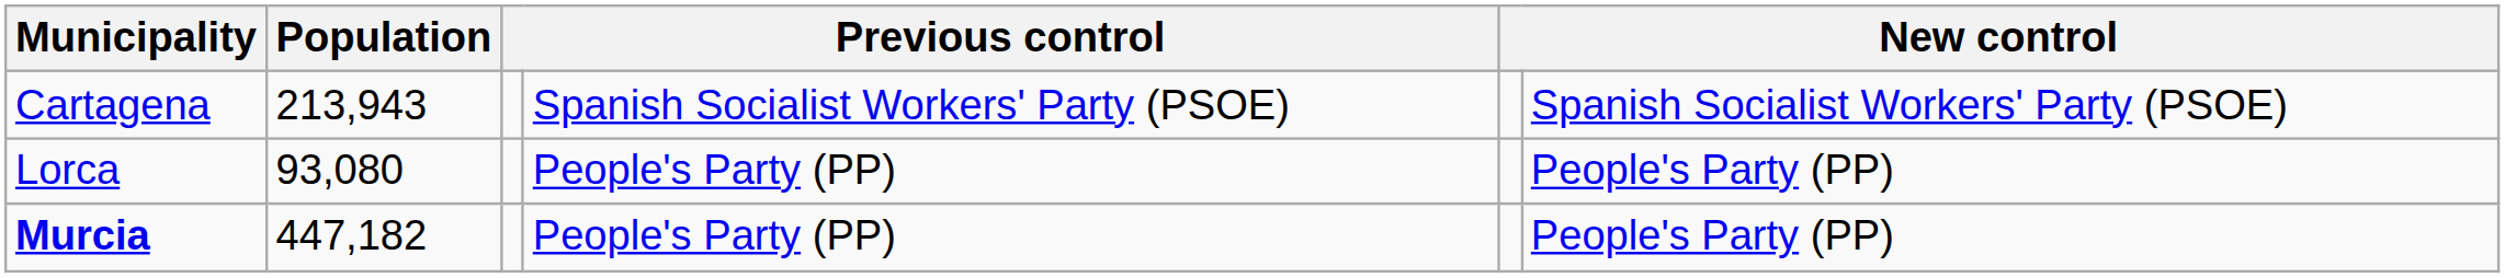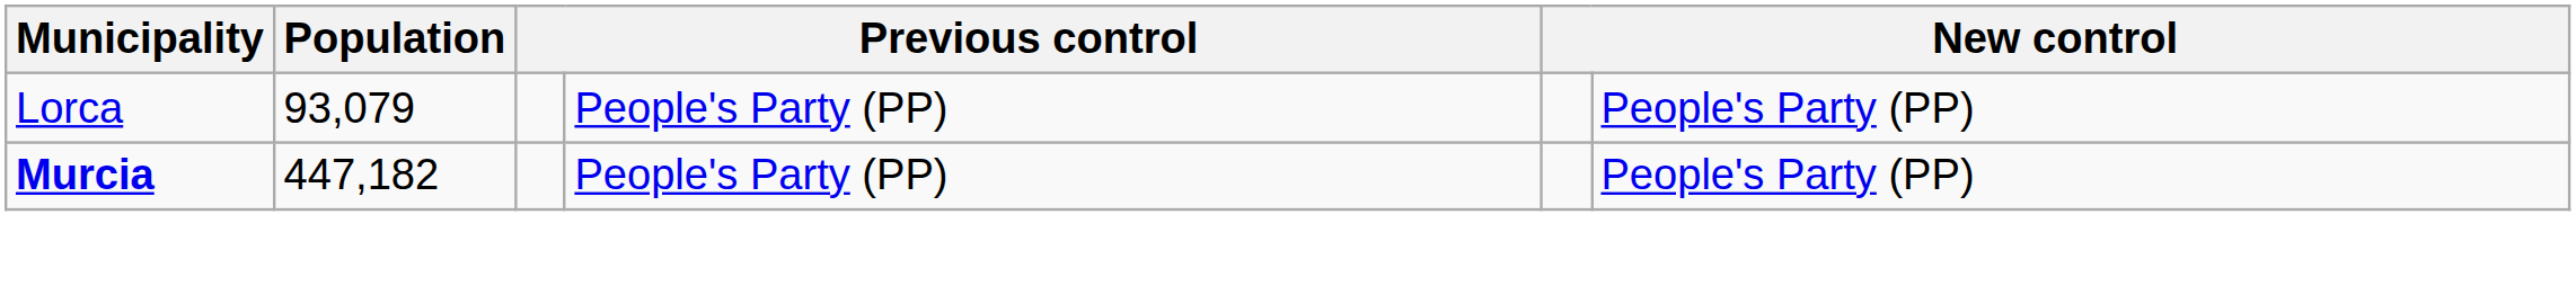 <table class="wikitable sortable">
 <tr>
 <th>Municipality</th>
 <th>Population</th>
 <th colspan="2" style="width:375px;">Previous control</th>
 <th colspan="2" style="width:375px;">New control</th>
 </tr>
 <tr>
-<td><a href='#'>Cartagena</a></td>
-<td>213,943</td>
-<td width="1" style="color:inherit;background:"></td>
-<td><a href='#'>Spanish Socialist Workers' Party</a> (PSOE)</td>
-<td width="1" style="color:inherit;background:"></td>
-<td><a href='#'>Spanish Socialist Workers' Party</a> (PSOE) </td>
-</tr>
-<tr>
 <td><a href='#'>Lorca</a></td>
-<td>93,080</td>
+<td>93,079</td>
 <td style="color:inherit;background:"></td>
 <td><a href='#'>People's Party</a> (PP)</td>
 <td style="color:inherit;background:"></td>
 <td><a href='#'>People's Party</a> (PP) </td>
 </tr>
 <tr>
 <td><strong><a href='#'>Murcia</a></strong></td>
 <td>447,182</td>
 <td style="color:inherit;background:"></td>
 <td><a href='#'>People's Party</a> (PP)</td>
 <td style="color:inherit;background:"></td>
 <td><a href='#'>People's Party</a> (PP) </td>
 </tr>
 </table>
